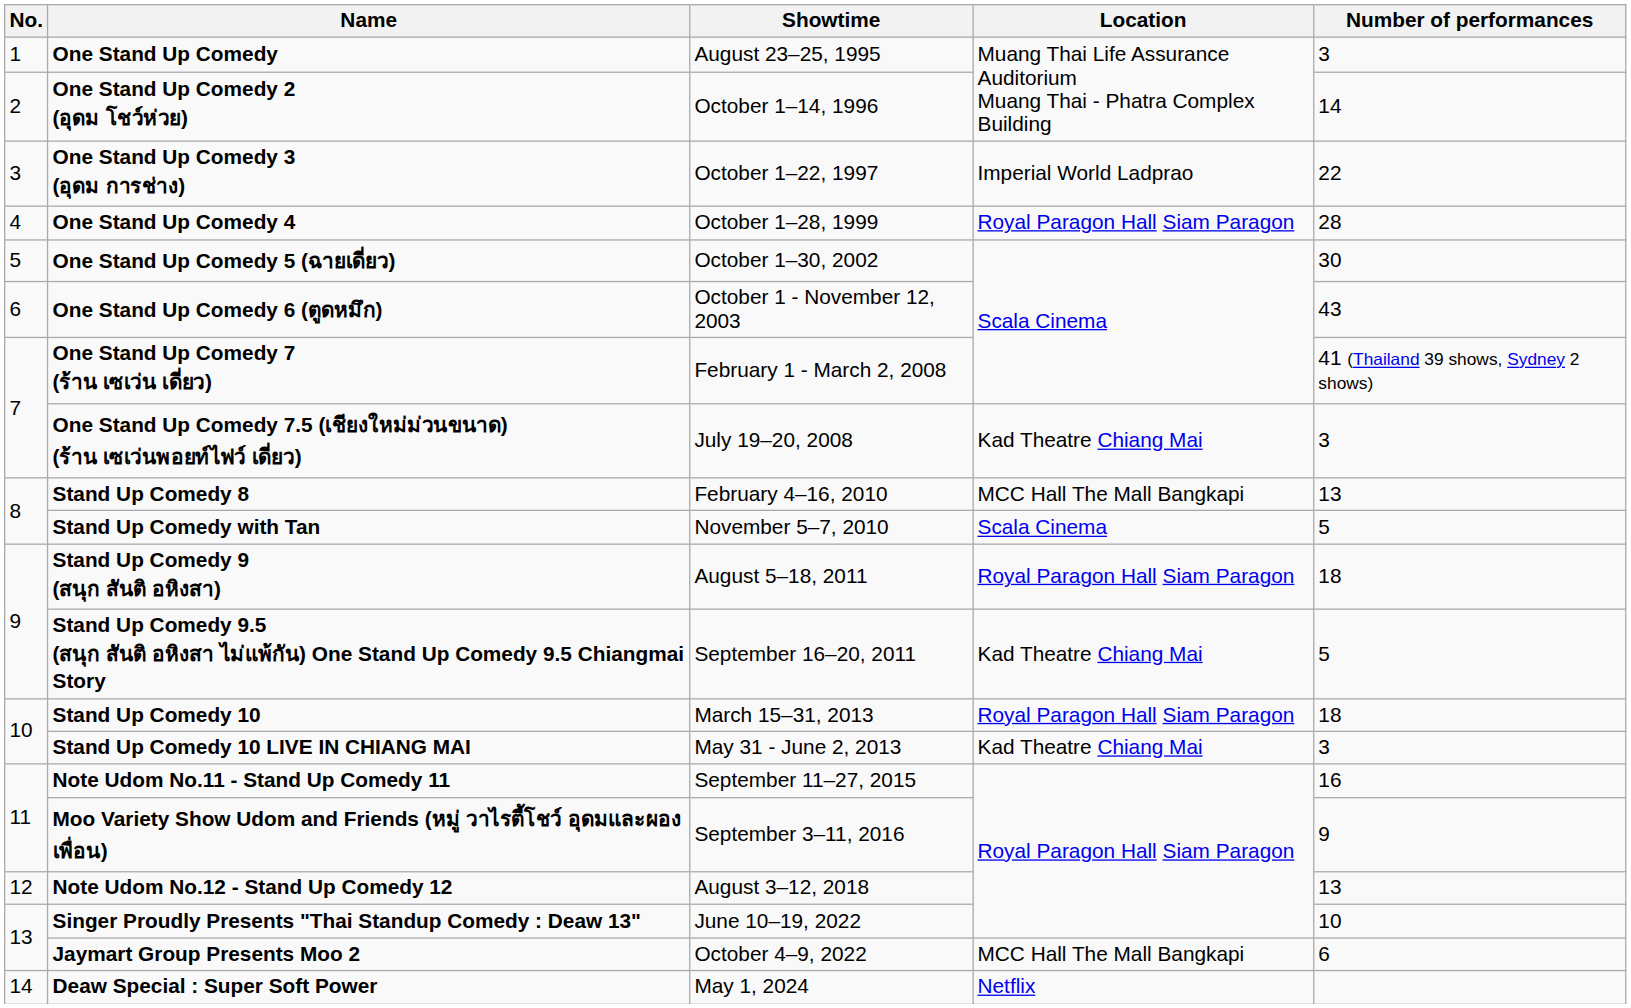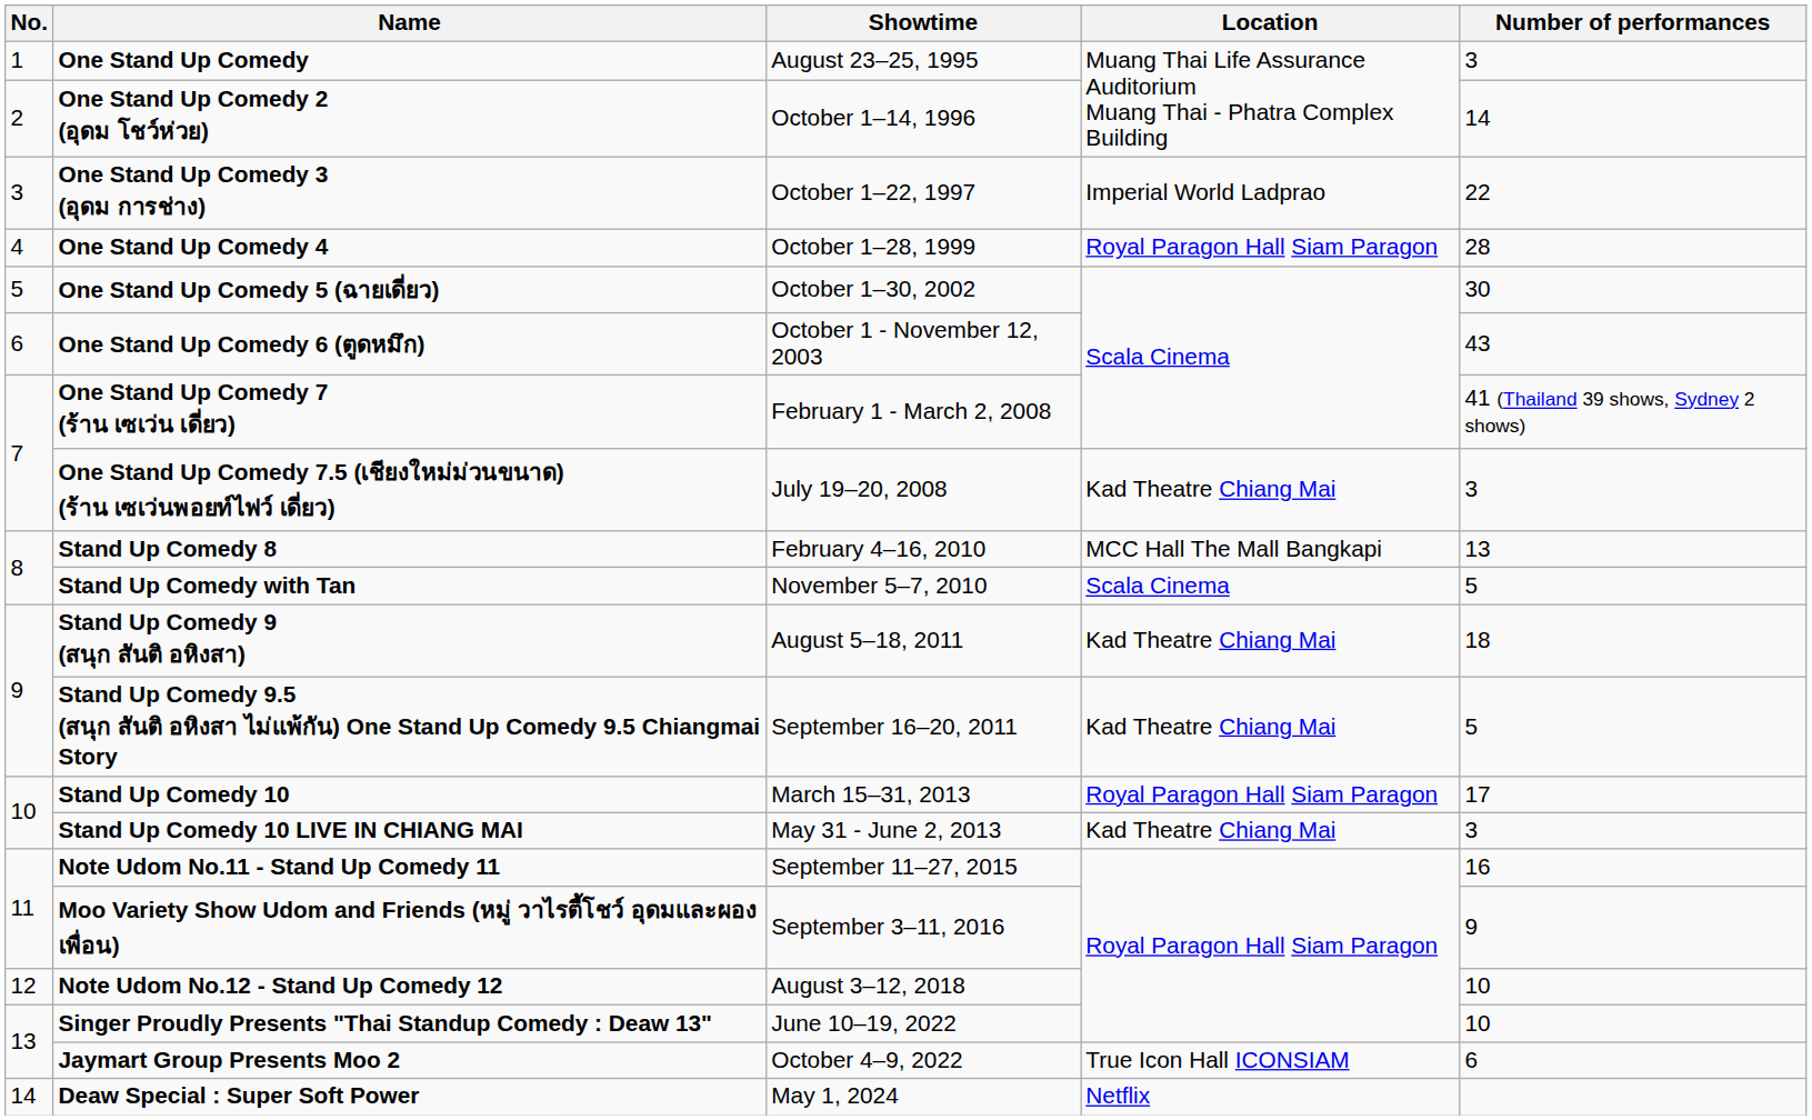 <table class="wikitable">
 <tr>
 <th>No.</th>
 <th>Name</th>
 <th>Showtime</th>
 <th>Location</th>
 <th>Number of performances</th>
 </tr>
 <tr>
 <td>1</td>
 <td><strong>One Stand Up Comedy</strong></td>
 <td>August 23–25, 1995</td>
 <td rowspan = "2">Muang Thai Life Assurance Auditorium<br> Muang Thai - Phatra Complex Building</td>
 <td>3</td>
 </tr>
 <tr>
 <td>2</td>
 <td><strong>One Stand Up Comedy 2</strong><br><strong>(อุดม โชว์ห่วย)</strong></td>
 <td>October 1–14, 1996</td>
 <td>14</td>
 </tr>
 <tr>
 <td>3</td>
 <td><strong>One Stand Up Comedy 3</strong><br><strong>(อุดม การช่าง)</strong></td>
 <td>October 1–22, 1997</td>
 <td>Imperial World Ladprao</td>
 <td>22</td>
 </tr>
 <tr>
 <td>4</td>
 <td><strong>One Stand Up Comedy 4</strong></td>
 <td>October 1–28, 1999</td>
 <td><a href='#'>Royal Paragon Hall</a> <a href='#'>Siam Paragon</a></td>
 <td>28</td>
 </tr>
 <tr>
 <td>5</td>
 <td><strong>One Stand Up Comedy 5 (ฉายเดี่ยว)</strong></td>
 <td>October 1–30, 2002</td>
 <td rowspan = "3"><a href='#'>Scala Cinema</a></td>
 <td>30</td>
 </tr>
 <tr>
 <td>6</td>
 <td><strong>One Stand Up Comedy 6 (ตูดหมึก)</strong></td>
 <td>October 1 - November 12, 2003</td>
 <td>43</td>
 </tr>
 <tr>
 <td rowspan = "2">7</td>
 <td><strong>One Stand Up Comedy 7</strong><br><strong>(ร้าน เซเว่น เดี่ยว)</strong></td>
 <td>February 1 - March 2, 2008</td>
 <td>41 <small>(<a href='#'>Thailand</a> 39 shows, <a href='#'>Sydney</a> 2 shows)</small></td>
 </tr>
 <tr>
 <td><strong>One Stand Up Comedy 7.5 (เชียงใหม่ม่วนขนาด)</strong><br><strong>(ร้าน เซเว่นพอยท์ไฟว์ เดี่ยว)</strong></td>
 <td>July 19–20, 2008</td>
 <td>Kad Theatre <a href='#'>Chiang Mai</a></td>
 <td>3</td>
 </tr>
 <tr>
 <td rowspan = "2">8</td>
 <td><strong>Stand Up Comedy 8</strong></td>
 <td>February 4–16, 2010</td>
 <td>MCC Hall The Mall Bangkapi</td>
 <td>13</td>
 </tr>
 <tr>
 <td><strong>Stand Up Comedy with Tan</strong><br></td>
 <td>November 5–7, 2010</td>
 <td><a href='#'>Scala Cinema</a></td>
 <td>5</td>
 </tr>
 <tr>
 <td rowspan = "2">9</td>
 <td><strong>Stand Up Comedy 9</strong><br><strong>(สนุก สันติ อหิงสา)</strong></td>
 <td>August 5–18, 2011</td>
-<td><a href='#'>Royal Paragon Hall</a> <a href='#'>Siam Paragon</a></td>
+<td>Kad Theatre <a href='#'>Chiang Mai</a></td>
 <td>18</td>
 </tr>
 <tr>
 <td><strong>Stand Up Comedy 9.5</strong><br><strong>(สนุก สันติ อหิงสา ไม่แพ้กัน)</strong>  <strong>One Stand Up Comedy 9.5 Chiangmai Story</strong></td>
 <td>September 16–20, 2011</td>
 <td>Kad Theatre <a href='#'>Chiang Mai</a></td>
 <td>5</td>
 </tr>
 <tr>
 <td rowspan = "2">10</td>
 <td><strong>Stand Up Comedy 10</strong></td>
 <td>March 15–31, 2013</td>
 <td><a href='#'>Royal Paragon Hall</a> <a href='#'>Siam Paragon</a></td>
-<td>18</td>
+<td>17</td>
 </tr>
 <tr>
 <td><strong>Stand Up Comedy 10 LIVE IN CHIANG MAI</strong></td>
 <td>May 31 - June 2, 2013</td>
 <td>Kad Theatre <a href='#'>Chiang Mai</a></td>
 <td>3</td>
 </tr>
 <tr>
 <td rowspan = "2">11</td>
 <td><strong>Note Udom No.11 - Stand Up Comedy 11</strong></td>
 <td>September 11–27, 2015</td>
 <td rowspan="4"><a href='#'>Royal Paragon Hall</a> <a href='#'>Siam Paragon</a></td>
 <td>16</td>
 </tr>
 <tr>
 <td><strong>Moo Variety Show Udom and Friends (หมู่ วาไรตี้โชว์ อุดมและผองเพื่อน)</strong><br></td>
 <td>September 3–11, 2016</td>
 <td>9</td>
 </tr>
 <tr>
 <td>12</td>
 <td><strong>Note Udom No.12 - Stand Up Comedy 12</strong></td>
 <td>August 3–12, 2018</td>
-<td>13</td>
+<td>10</td>
 </tr>
 <tr>
 <td rowspan = "2">13</td>
 <td><strong>Singer Proudly Presents "Thai Standup Comedy : Deaw 13"</strong></td>
 <td>June 10–19, 2022</td>
 <td>10</td>
 </tr>
 <tr>
 <td><strong>Jaymart Group Presents Moo 2</strong><br></td>
 <td>October 4–9, 2022</td>
-<td>MCC Hall The Mall Bangkapi</td>
+<td>True Icon Hall <a href='#'>ICONSIAM</a></td>
 <td>6</td>
 </tr>
 <tr>
 <td>14</td>
 <td><strong>Deaw Special : Super Soft Power</strong></td>
 <td>May 1, 2024</td>
 <td><a href='#'>Netflix</a></td>
 <td></td>
 </tr>
 </table>
